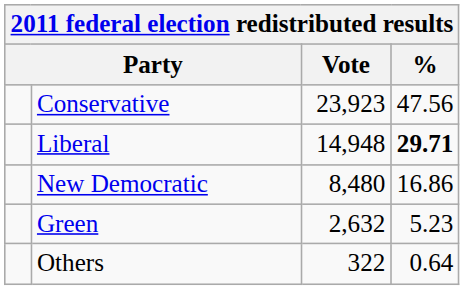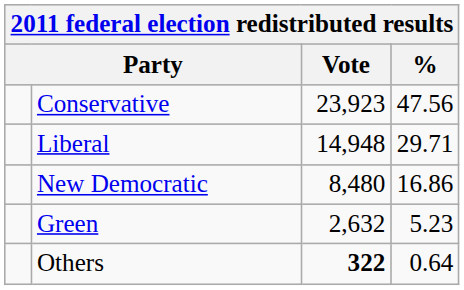 <table class="wikitable">
 <tr>
 <th colspan="4"><a href='#'>2011 federal election</a> redistributed results</th>
 </tr>
 <tr>
 <th bgcolor="#DDDDFF" width="130px" colspan="2">Party</th>
 <th bgcolor="#DDDDFF" width="50px">Vote</th>
 <th bgcolor="#DDDDFF" width="30px">%</th>
 </tr>
 <tr>
 <td> </td>
 <td><a href='#'>Conservative</a></td>
 <td align="right">23,923</td>
 <td align="right">47.56</td>
 </tr>
 <tr>
 <td> </td>
 <td><a href='#'>Liberal</a></td>
 <td align="right">14,948</td>
-<td align="right"><strong>29.71</strong></td>
+<td align="right">29.71</td>
 </tr>
 <tr>
 <td> </td>
 <td><a href='#'>New Democratic</a></td>
 <td align="right">8,480</td>
 <td align="right">16.86</td>
 </tr>
 <tr>
 <td> </td>
 <td><a href='#'>Green</a></td>
 <td align="right">2,632</td>
 <td align="right">5.23</td>
 </tr>
 <tr>
 <td> </td>
 <td>Others</td>
-<td align="right">322</td>
+<td align="right"><strong>322</strong></td>
 <td align="right">0.64</td>
 </tr>
 </table>
